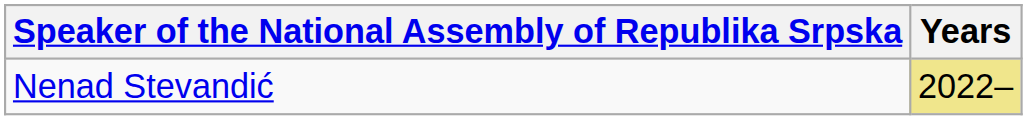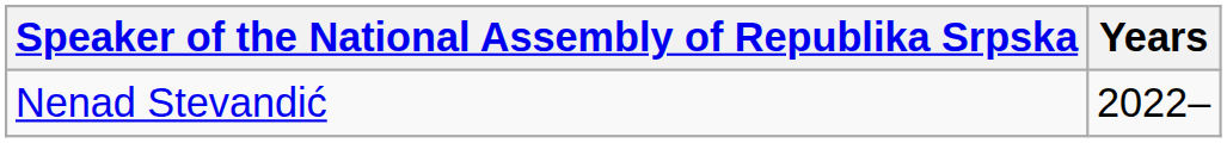 <table class=wikitable>
 <tr>
 <th><a href='#'>Speaker of the National Assembly of Republika Srpska</a></th>
 <th>Years</th>
 </tr>
 <tr>
 <td><a href='#'>Nenad Stevandić</a></td>
-<td style="background: khaki;">2022–</td>
+<td>2022–</td>
 </tr>
 </table>
